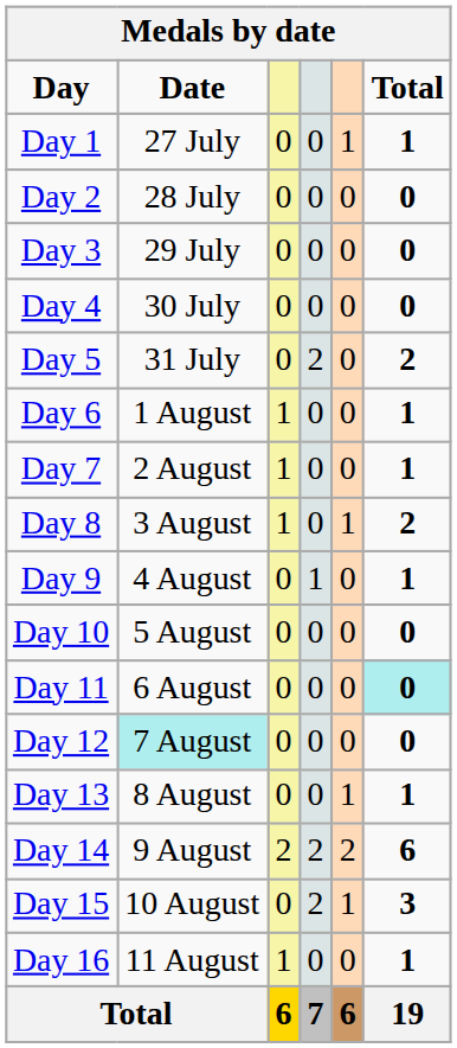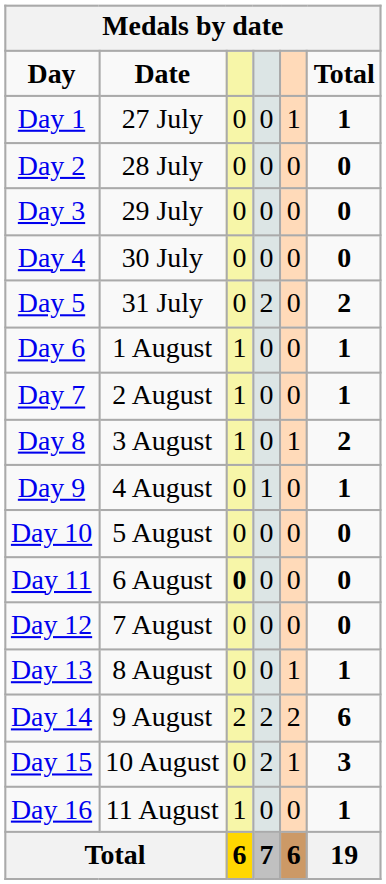 <table class=wikitable style="font-size:85%; text-align:center; float:right;">
 <tr bgcolor=efefef>
 <th colspan=7>Medals by date</th>
 </tr>
 <tr>
 <td><strong>Day</strong></td>
 <td><strong>Date</strong></td>
 <td bgcolor=f7f6a8></td>
 <td bgcolor=dce5e5></td>
 <td bgcolor=ffdab9></td>
 <td><strong>Total</strong></td>
 </tr>
 <tr>
 <td><a href='#'>Day 1</a></td>
 <td>27 July</td>
 <td style="background:#F7F6A8;">0</td>
 <td style="background:#DCE5E5;">0</td>
 <td style="background:#FFDAB9;">1</td>
 <td><strong>1</strong></td>
 </tr>
 <tr>
 <td><a href='#'>Day 2</a></td>
 <td>28 July</td>
 <td style="background:#F7F6A8;">0</td>
 <td style="background:#DCE5E5;">0</td>
 <td style="background:#FFDAB9;">0</td>
 <td><strong>0</strong></td>
 </tr>
 <tr>
 <td><a href='#'>Day 3</a></td>
 <td>29 July</td>
 <td style="background:#F7F6A8;">0</td>
 <td style="background:#DCE5E5;">0</td>
 <td style="background:#FFDAB9;">0</td>
 <td><strong>0</strong></td>
 </tr>
 <tr>
 <td><a href='#'>Day 4</a></td>
 <td>30 July</td>
 <td style="background:#F7F6A8;">0</td>
 <td style="background:#DCE5E5;">0</td>
 <td style="background:#FFDAB9;">0</td>
 <td><strong>0</strong></td>
 </tr>
 <tr>
 <td><a href='#'>Day 5</a></td>
 <td>31 July</td>
 <td style="background:#F7F6A8;">0</td>
 <td style="background:#DCE5E5;">2</td>
 <td style="background:#FFDAB9;">0</td>
 <td><strong>2</strong></td>
 </tr>
 <tr>
 <td><a href='#'>Day 6</a></td>
 <td>1 August</td>
 <td style="background:#F7F6A8;">1</td>
 <td style="background:#DCE5E5;">0</td>
 <td style="background:#FFDAB9;">0</td>
 <td><strong>1</strong></td>
 </tr>
 <tr>
 <td><a href='#'>Day 7</a></td>
 <td>2 August</td>
 <td style="background:#F7F6A8;">1</td>
 <td style="background:#DCE5E5;">0</td>
 <td style="background:#FFDAB9;">0</td>
 <td><strong>1</strong></td>
 </tr>
 <tr>
 <td><a href='#'>Day 8</a></td>
 <td>3 August</td>
 <td style="background:#F7F6A8;">1</td>
 <td style="background:#DCE5E5;">0</td>
 <td style="background:#FFDAB9;">1</td>
 <td><strong>2</strong></td>
 </tr>
 <tr>
 <td><a href='#'>Day 9</a></td>
 <td>4 August</td>
 <td style="background:#F7F6A8;">0</td>
 <td style="background:#DCE5E5;">1</td>
 <td style="background:#FFDAB9;">0</td>
 <td><strong>1</strong></td>
 </tr>
 <tr>
 <td><a href='#'>Day 10</a></td>
 <td>5 August</td>
 <td style="background:#F7F6A8;">0</td>
 <td style="background:#DCE5E5;">0</td>
 <td style="background:#FFDAB9;">0</td>
 <td><strong>0</strong></td>
 </tr>
 <tr>
 <td><a href='#'>Day 11</a></td>
 <td>6 August</td>
-<td style="background:#F7F6A8;">0</td>
+<td style="background:#F7F6A8;"><strong>0</strong></td>
 <td style="background:#DCE5E5;">0</td>
 <td style="background:#FFDAB9;">0</td>
-<td style="background: paleturquoise;"><strong>0</strong></td>
+<td><strong>0</strong></td>
 </tr>
 <tr>
 <td><a href='#'>Day 12</a></td>
-<td style="background: paleturquoise;">7 August</td>
+<td>7 August</td>
 <td style="background:#F7F6A8;">0</td>
 <td style="background:#DCE5E5;">0</td>
 <td style="background:#FFDAB9;">0</td>
 <td><strong>0</strong></td>
 </tr>
 <tr>
 <td><a href='#'>Day 13</a></td>
 <td>8 August</td>
 <td style="background:#F7F6A8;">0</td>
 <td style="background:#DCE5E5;">0</td>
 <td style="background:#FFDAB9;">1</td>
 <td><strong>1</strong></td>
 </tr>
 <tr>
 <td><a href='#'>Day 14</a></td>
 <td>9 August</td>
 <td style="background:#F7F6A8;">2</td>
 <td style="background:#DCE5E5;">2</td>
 <td style="background:#FFDAB9;">2</td>
 <td><strong>6</strong></td>
 </tr>
 <tr>
 <td><a href='#'>Day 15</a></td>
 <td>10 August</td>
 <td style="background:#F7F6A8;">0</td>
 <td style="background:#DCE5E5;">2</td>
 <td style="background:#FFDAB9;">1</td>
 <td><strong>3</strong></td>
 </tr>
 <tr>
 <td><a href='#'>Day 16</a></td>
 <td>11 August</td>
 <td style="background:#F7F6A8;">1</td>
 <td style="background:#DCE5E5;">0</td>
 <td style="background:#FFDAB9;">0</td>
 <td><strong>1</strong></td>
 </tr>
 <tr>
 <th colspan=2>Total</th>
 <th style="background:gold">6</th>
 <th style="background:silver">7</th>
 <th style="background:#c96">6</th>
 <th>19</th>
 </tr>
 </table>
